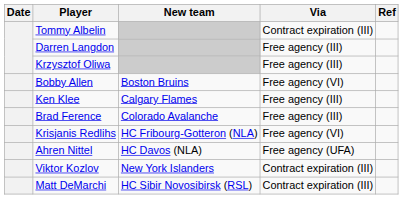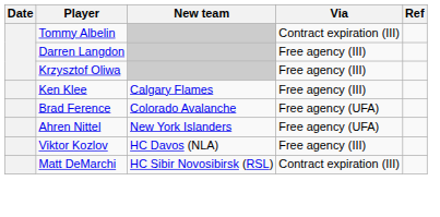 <table class="wikitable plainrowheaders">
 <tr style="background:#ddd; text-align:center;">
 <th>Date</th>
 <th>Player</th>
 <th>New team</th>
 <th>Via</th>
 <th>Ref</th>
 </tr>
 <tr>
 <th scope="row" rowspan=3></th>
 <td><a href='#'>Tommy Albelin</a></td>
 <td style="background:#ccc"></td>
 <td>Contract expiration (III)</td>
 <td></td>
 </tr>
 <tr>
 <td><a href='#'>Darren Langdon</a></td>
 <td style="background:#ccc"></td>
 <td>Free agency (III)</td>
 <td></td>
 </tr>
 <tr>
 <td><a href='#'>Krzysztof Oliwa</a></td>
 <td style="background:#ccc"></td>
 <td>Free agency (III)</td>
 <td></td>
 </tr>
 <tr>
 <th scope="row"></th>
-<td><a href='#'>Bobby Allen</a></td>
-<td><a href='#'>Boston Bruins</a></td>
-<td>Free agency (VI)</td>
-<td></td>
-</tr>
-<tr>
-<th scope="row"></th>
 <td><a href='#'>Ken Klee</a></td>
 <td><a href='#'>Calgary Flames</a></td>
 <td>Free agency (III)</td>
 <td></td>
 </tr>
 <tr>
 <th scope="row"></th>
 <td><a href='#'>Brad Ference</a></td>
 <td><a href='#'>Colorado Avalanche</a></td>
-<td>Free agency (III)</td>
-<td></td>
-</tr>
-<tr>
-<th scope="row"></th>
-<td><a href='#'>Krisjanis Redlihs</a></td>
-<td><a href='#'>HC Fribourg-Gotteron</a> (<a href='#'>NLA</a>)</td>
-<td>Free agency (VI)</td>
+<td>Free agency (UFA)</td>
 <td></td>
 </tr>
 <tr>
 <th scope="row"></th>
 <td><a href='#'>Ahren Nittel</a></td>
-<td><a href='#'>HC Davos</a> (NLA)</td>
+<td><a href='#'>New York Islanders</a></td>
 <td>Free agency (UFA)</td>
 <td></td>
 </tr>
 <tr>
 <th scope="row"></th>
 <td><a href='#'>Viktor Kozlov</a></td>
-<td><a href='#'>New York Islanders</a></td>
-<td>Contract expiration (III)</td>
+<td><a href='#'>HC Davos</a> (NLA)</td>
+<td>Free agency (III)</td>
 <td></td>
 </tr>
 <tr>
 <th scope="row"></th>
 <td><a href='#'>Matt DeMarchi</a></td>
 <td><a href='#'>HC Sibir Novosibirsk</a> (<a href='#'>RSL</a>)</td>
 <td>Contract expiration (III)</td>
 <td></td>
 </tr>
 </table>
